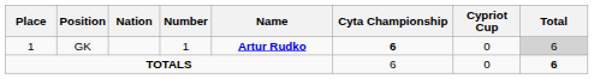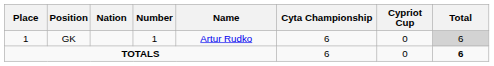 <table class="wikitable" style="font-size: 95%; text-align: center;">
 <tr>
 <th width=60>Place</th>
 <th width=60>Position</th>
 <th width=60>Nation</th>
 <th width=60>Number</th>
 <th width=150>Name</th>
 <th width=150>Cyta Championship</th>
 <th width=80>Cypriot Cup</th>
 <th width=80><strong>Total</strong></th>
 </tr>
 <tr>
 <td>1</td>
 <td>GK</td>
 <td></td>
 <td>1</td>
-<td><strong><a href='#'>Artur Rudko</a></strong></td>
-<td><strong>6</strong></td>
+<td><a href='#'>Artur Rudko</a></td>
+<td>6</td>
 <td>0</td>
 <td style="background: lightgrey;">6</td>
 </tr>
 <tr>
 <td colspan="5"><strong>TOTALS</strong></td>
 <td>6</td>
 <td>0</td>
 <td><strong>6</strong></td>
 </tr>
 </table>
